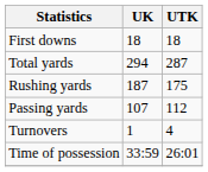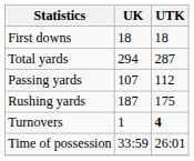 <table class="wikitable" style="float: left;">
 <tr>
 <th>Statistics</th>
 <th>UK</th>
 <th>UTK</th>
 </tr>
 <tr>
 <td>First downs</td>
 <td>18</td>
 <td>18</td>
 </tr>
 <tr>
 <td>Total yards</td>
 <td>294</td>
 <td>287</td>
 </tr>
 <tr>
+<td>Passing yards</td>
+<td>107</td>
+<td>112</td>
+</tr>
+<tr>
 <td>Rushing yards</td>
 <td>187</td>
 <td>175</td>
 </tr>
 <tr>
-<td>Passing yards</td>
-<td>107</td>
-<td>112</td>
-</tr>
-<tr>
 <td>Turnovers</td>
 <td>1</td>
-<td>4</td>
+<td><strong>4</strong></td>
 </tr>
 <tr>
 <td>Time of possession</td>
 <td>33:59</td>
 <td>26:01</td>
 </tr>
 <tr>
 </tr>
 </table>
